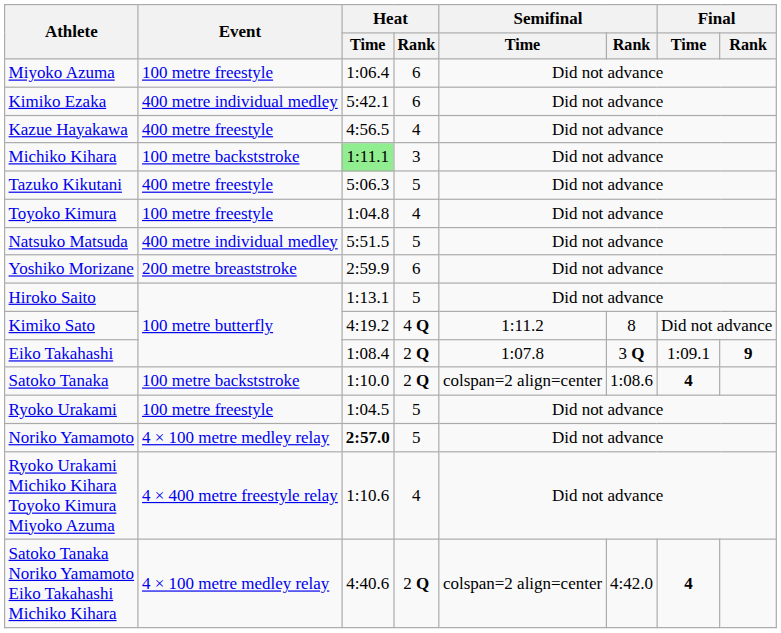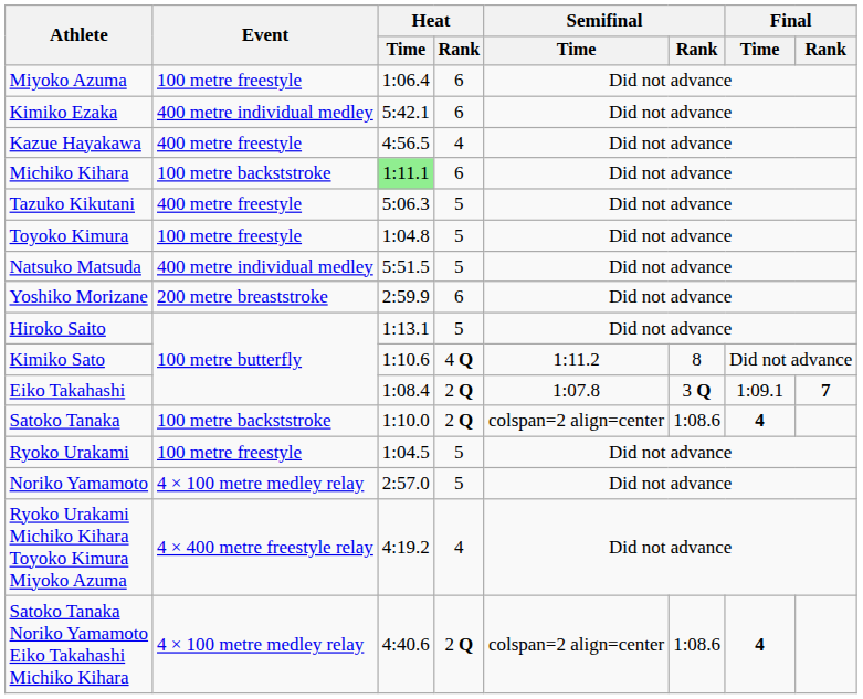 <table class=wikitable style="font-size:90%">
 <tr>
 <th rowspan="2">Athlete</th>
 <th rowspan="2">Event</th>
 <th colspan="2">Heat</th>
 <th colspan="2">Semifinal</th>
 <th colspan="2">Final</th>
 </tr>
 <tr style="font-size:95%">
 <th>Time</th>
 <th>Rank</th>
 <th>Time</th>
 <th>Rank</th>
 <th>Time</th>
 <th>Rank</th>
 </tr>
 <tr align=center>
 <td align=left rowspan=1><a href='#'>Miyoko Azuma</a></td>
 <td align=left><a href='#'>100 metre freestyle</a></td>
 <td align=center>1:06.4</td>
 <td align=center>6</td>
 <td colspan=4 align=center>Did not advance</td>
 </tr>
 <tr align=center>
 <td align=left rowspan=1><a href='#'>Kimiko Ezaka</a></td>
 <td align=left><a href='#'>400 metre individual medley</a></td>
 <td align=center>5:42.1</td>
 <td align=center>6</td>
 <td colspan=4 align=center>Did not advance</td>
 </tr>
 <tr align=center>
 <td align=left rowspan=1><a href='#'>Kazue Hayakawa</a></td>
 <td align=left rowspan=1><a href='#'>400 metre freestyle</a></td>
 <td align=center>4:56.5</td>
 <td align=center>4</td>
 <td colspan=4 align=center>Did not advance</td>
 </tr>
 <tr align=center>
 <td align=left rowspan=1><a href='#'>Michiko Kihara</a></td>
 <td align=left><a href='#'>100 metre backststroke</a></td>
 <td align=center style="background: lightgreen;">1:11.1</td>
-<td align=center>3</td>
+<td align=center>6</td>
 <td colspan=4 align=center>Did not advance</td>
 </tr>
 <tr align=center>
 <td align=left rowspan=1><a href='#'>Tazuko Kikutani</a></td>
 <td align=left rowspan=1><a href='#'>400 metre freestyle</a></td>
 <td align=center>5:06.3</td>
 <td align=center>5</td>
 <td colspan=4 align=center>Did not advance</td>
 </tr>
 <tr align=center>
 <td align=left rowspan=1><a href='#'>Toyoko Kimura</a></td>
 <td align=left><a href='#'>100 metre freestyle</a></td>
 <td align=center>1:04.8</td>
-<td align=center>4</td>
+<td align=center>5</td>
 <td colspan=4 align=center>Did not advance</td>
 </tr>
 <tr align=center>
 <td align=left rowspan=1><a href='#'>Natsuko Matsuda</a></td>
 <td align=left><a href='#'>400 metre individual medley</a></td>
 <td align=center>5:51.5</td>
 <td align=center>5</td>
 <td colspan=4 align=center>Did not advance</td>
 </tr>
 <tr align=center>
 <td align=left rowspan=1><a href='#'>Yoshiko Morizane</a></td>
 <td align=left><a href='#'>200 metre breaststroke</a></td>
 <td align=center>2:59.9</td>
 <td align=center>6</td>
 <td colspan=4 align=center>Did not advance</td>
 </tr>
 <tr align=center>
 <td align=left rowspan=1><a href='#'>Hiroko Saito</a></td>
 <td align=left rowspan=3><a href='#'>100 metre butterfly</a></td>
 <td align=center>1:13.1</td>
 <td align=center>5</td>
 <td colspan=4 align=center>Did not advance</td>
 </tr>
 <tr align=center>
 <td align=left rowspan=1><a href='#'>Kimiko Sato</a></td>
-<td align=center>4:19.2</td>
+<td align=center>1:10.6</td>
 <td align=center>4	<strong>Q</strong></td>
 <td align=center>1:11.2</td>
 <td align=center>8</td>
 <td colspan=4 align=center>Did not advance</td>
 </tr>
 <tr align=center>
 <td align=left rowspan=1><a href='#'>Eiko Takahashi</a></td>
 <td align=center>1:08.4</td>
 <td align=center>2	<strong>Q</strong></td>
 <td align=center>1:07.8</td>
 <td align=center>3	<strong>Q</strong></td>
 <td align=center>1:09.1</td>
-<td align=center><strong>9</strong></td>
+<td align=center><strong>7</strong></td>
 </tr>
 <tr align=center>
 <td align=left rowspan=1><a href='#'>Satoko Tanaka</a></td>
 <td align=left><a href='#'>100 metre backststroke</a></td>
 <td align=center>1:10.0</td>
 <td align=center>2	<strong>Q</strong></td>
 <td>colspan=2 align=center </td>
 <td align=center>1:08.6</td>
 <td align=center><strong>4</strong></td>
 </tr>
 <tr align=center>
 <td align=left rowspan=1><a href='#'>Ryoko Urakami</a></td>
 <td align=left><a href='#'>100 metre freestyle</a></td>
 <td align=center>1:04.5</td>
 <td align=center>5</td>
 <td colspan=4 align=center>Did not advance</td>
 </tr>
 <tr align=center>
 <td align=left rowspan=1><a href='#'>Noriko Yamamoto</a></td>
 <td align=left rowspan=1><a href='#'>4 × 100 metre medley relay</a></td>
-<td align=center><strong>2:57.0</strong></td>
+<td align=center>2:57.0</td>
 <td align=center>5</td>
 <td colspan=4 align=center>Did not advance</td>
 </tr>
 <tr align=center>
 <td align=left rowspan=1><a href='#'>Ryoko Urakami</a><br><a href='#'>Michiko Kihara</a><br><a href='#'>Toyoko Kimura</a><br><a href='#'>Miyoko Azuma</a></td>
 <td align=left rowspan=1><a href='#'>4 × 400 metre freestyle relay</a></td>
-<td align=center>1:10.6</td>
+<td align=center>4:19.2</td>
 <td align=center>4</td>
 <td colspan=4 align=center>Did not advance</td>
 </tr>
 <tr align=center>
 <td align=left rowspan=1><a href='#'>Satoko Tanaka</a><br><a href='#'>Noriko Yamamoto</a><br><a href='#'>Eiko Takahashi</a><br><a href='#'>Michiko Kihara</a></td>
 <td align=left rowspan=1><a href='#'>4 × 100 metre medley relay</a></td>
 <td align=center>4:40.6</td>
 <td align=center>2 <strong>Q</strong></td>
 <td>colspan=2 align=center </td>
-<td align=center>4:42.0</td>
+<td align=center>1:08.6</td>
 <td align=center><strong>4</strong></td>
 </tr>
 </table>
